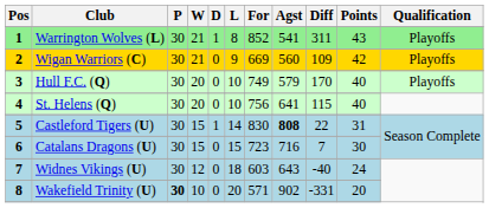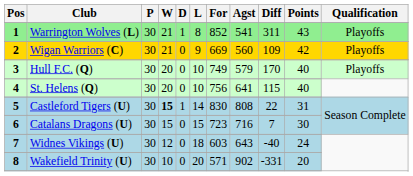 <table class="wikitable" style="text-align:left;">
 <tr>
 <th><strong>Pos</strong></th>
 <th><strong>Club</strong></th>
 <th><strong>P</strong></th>
 <th><strong>W</strong></th>
 <th><strong>D</strong></th>
 <th><strong>L</strong></th>
 <th><strong>For</strong></th>
 <th><strong>Agst</strong></th>
 <th><strong>Diff</strong></th>
 <th><strong>Points</strong></th>
 <th><strong>Qualification</strong></th>
 </tr>
 <tr --->
 </tr>
 <tr align=center style="background:lightgreen;">
 <td><strong>1</strong></td>
 <td style="text-align:left;"> <a href='#'>Warrington Wolves</a> (<strong>L</strong>)</td>
 <td>30</td>
 <td>21</td>
 <td>1</td>
 <td>8</td>
 <td>852</td>
 <td>541</td>
 <td>311</td>
 <td>43</td>
 <td Colspan=1>Playoffs</td>
 </tr>
 <tr --->
 </tr>
 <tr align=center style="background: gold;">
 <td><strong>2</strong></td>
 <td style="text-align:left;"> <a href='#'>Wigan Warriors</a> (<strong>C</strong>)</td>
 <td>30</td>
 <td>21</td>
 <td>0</td>
 <td>9</td>
 <td>669</td>
 <td>560</td>
 <td>109</td>
 <td>42</td>
 <td Colspan=1>Playoffs</td>
 </tr>
 <tr --->
 </tr>
 <tr align=center style="background:#ccffcc;">
 <td><strong>3</strong></td>
 <td style="text-align:left;"> <a href='#'>Hull F.C.</a> (<strong>Q</strong>)</td>
 <td>30</td>
 <td>20</td>
 <td>0</td>
 <td>10</td>
 <td>749</td>
 <td>579</td>
 <td>170</td>
 <td>40</td>
 <td Rowspan=2>Playoffs</td>
 </tr>
 <tr --->
 </tr>
 <tr align=center style="background:#ccffcc;">
 <td><strong>4</strong></td>
 <td style="text-align:left;"> <a href='#'>St. Helens</a> (<strong>Q</strong>)</td>
 <td>30</td>
 <td>20</td>
 <td>0</td>
 <td>10</td>
 <td>756</td>
 <td>641</td>
 <td>115</td>
 <td>40</td>
 </tr>
 <tr --->
 </tr>
 <tr align=center style="background:lightblue">
 <td><strong>5</strong></td>
 <td style="text-align:left;"> <a href='#'>Castleford Tigers</a> (<strong>U</strong>)</td>
 <td>30</td>
-<td>15</td>
+<td><strong>15</strong></td>
 <td>1</td>
 <td>14</td>
 <td>830</td>
-<td><strong>808</strong></td>
+<td>808</td>
 <td>22</td>
 <td>31</td>
 <td rowspan=4>Season Complete</td>
 </tr>
 <tr --->
 </tr>
 <tr align=center style="background:lightblue">
 <td><strong>6</strong></td>
 <td style="text-align:left;"> <a href='#'>Catalans Dragons</a> (<strong>U</strong>)</td>
 <td>30</td>
 <td>15</td>
 <td>0</td>
 <td>15</td>
 <td>723</td>
 <td>716</td>
 <td>7</td>
 <td>30</td>
 </tr>
 <tr --->
 </tr>
 <tr align=center style="background:lightblue">
 <td><strong>7</strong></td>
 <td style="text-align:left;"> <a href='#'>Widnes Vikings</a> (<strong>U</strong>)</td>
 <td>30</td>
 <td>12</td>
 <td>0</td>
 <td>18</td>
 <td>603</td>
 <td>643</td>
 <td>-40</td>
 <td>24</td>
 </tr>
 <tr --->
 </tr>
 <tr align=center style="background:lightblue">
 <td><strong>8</strong></td>
 <td style="text-align:left;"> <a href='#'>Wakefield Trinity</a> (<strong>U</strong>)</td>
-<td><strong>30</strong></td>
+<td>30</td>
 <td>10</td>
 <td>0</td>
 <td>20</td>
 <td>571</td>
 <td>902</td>
 <td>-331</td>
 <td>20</td>
 </tr>
 <tr --->
 </tr>
 </table>
